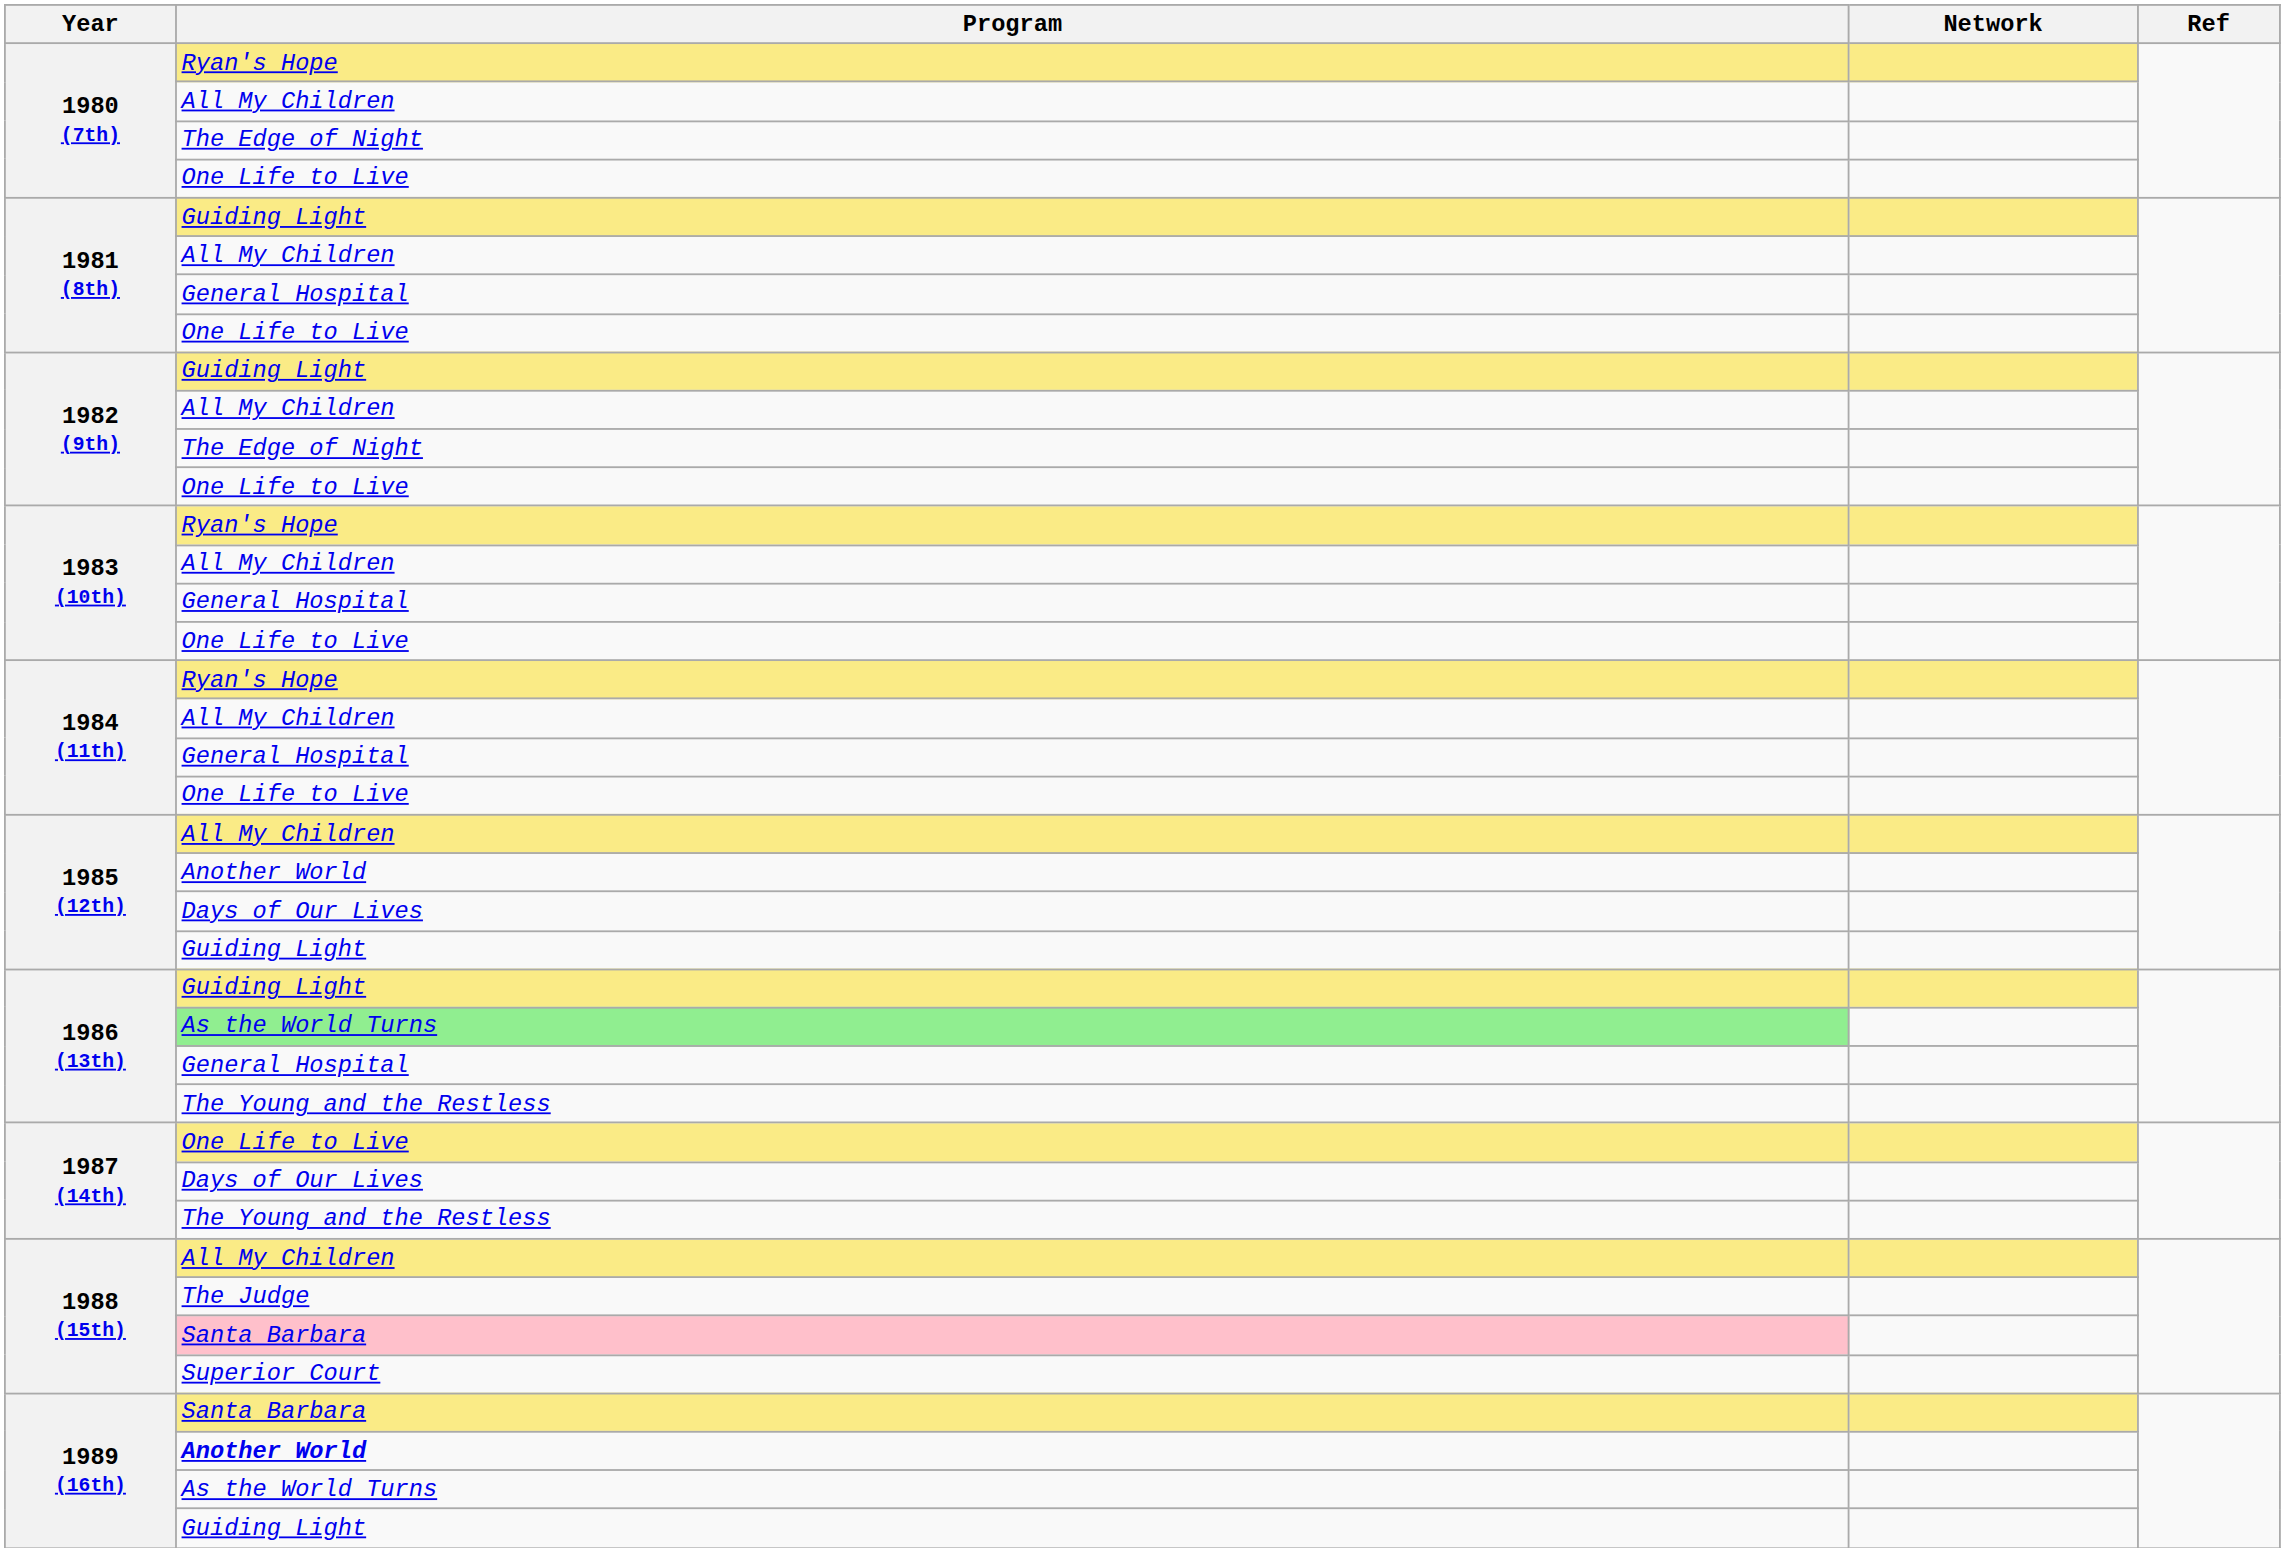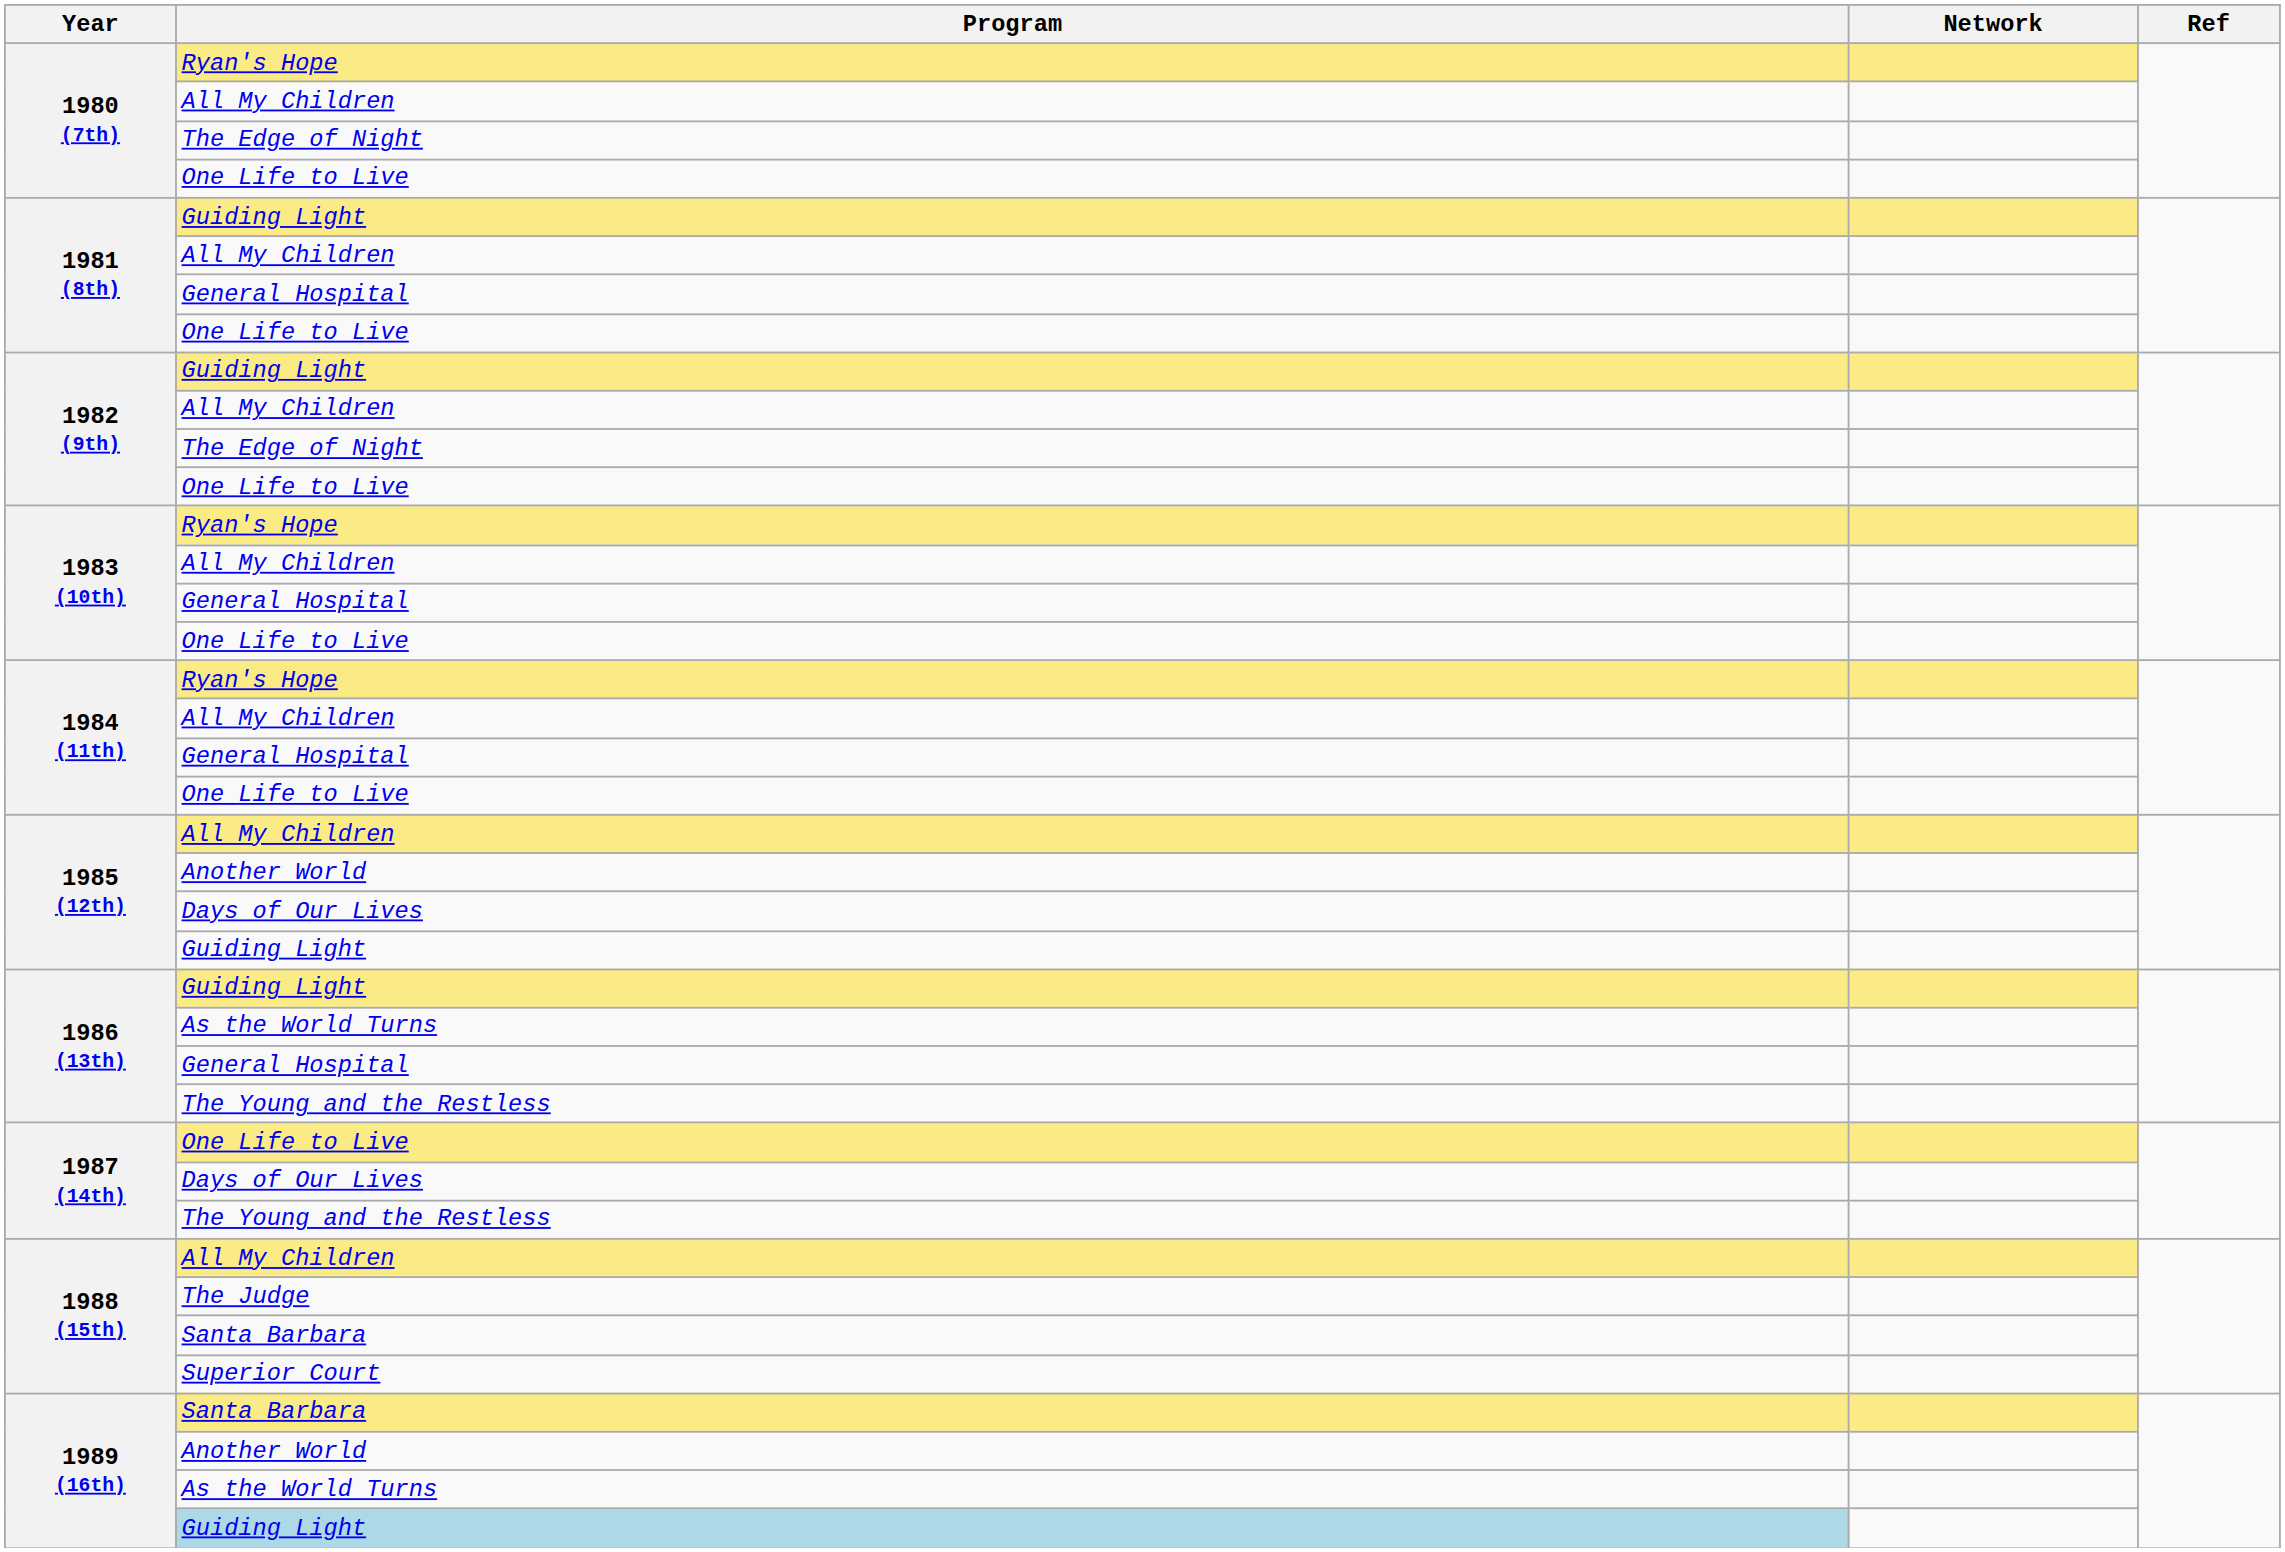 <table class="wikitable sortable">
 <tr style="background:#bebebe;">
 <th style="width:1%;" scope="col">Year</th>
 <th style="width:15%;" scope="col">Program</th>
 <th style="width:2%;" scope="col">Network</th>
 <th style="width:1%;" scope="col" class="unsortable">Ref</th>
 </tr>
 <tr>
 <th scope="row" rowspan=4 style="text-align:center">1980 <br><small><a href='#'>(7th)</a></small></th>
 <td style="background:#FAEB86"><em><a href='#'>Ryan's Hope</a></em></td>
 <td style="background:#FAEB86"></td>
 <td rowspan=4></td>
 </tr>
 <tr>
 <td><em><a href='#'>All My Children</a></em></td>
 <td></td>
 </tr>
 <tr>
 <td><em><a href='#'>The Edge of Night</a></em></td>
 <td></td>
 </tr>
 <tr>
 <td><em><a href='#'>One Life to Live</a></em></td>
 <td></td>
 </tr>
 <tr>
 <th scope="row" rowspan=4 style="text-align:center">1981 <br><small><a href='#'>(8th)</a></small></th>
 <td style="background:#FAEB86"><em><a href='#'>Guiding Light</a></em></td>
 <td style="background:#FAEB86"></td>
 <td rowspan=4></td>
 </tr>
 <tr>
 <td><em><a href='#'>All My Children</a></em></td>
 <td></td>
 </tr>
 <tr>
 <td><em><a href='#'>General Hospital</a></em></td>
 <td></td>
 </tr>
 <tr>
 <td><em><a href='#'>One Life to Live</a></em></td>
 <td></td>
 </tr>
 <tr>
 <th scope="row" rowspan=4 style="text-align:center">1982 <br><small><a href='#'>(9th)</a></small></th>
 <td style="background:#FAEB86"><em><a href='#'>Guiding Light</a></em></td>
 <td style="background:#FAEB86"></td>
 <td rowspan=4></td>
 </tr>
 <tr>
 <td><em><a href='#'>All My Children</a></em></td>
 <td></td>
 </tr>
 <tr>
 <td><em><a href='#'>The Edge of Night</a></em></td>
 <td></td>
 </tr>
 <tr>
 <td><em><a href='#'>One Life to Live</a></em></td>
 <td></td>
 </tr>
 <tr>
 <th scope="row" rowspan=4 style="text-align:center">1983 <br><small><a href='#'>(10th)</a></small></th>
 <td style="background:#FAEB86"><em><a href='#'>Ryan's Hope</a></em></td>
 <td style="background:#FAEB86"></td>
 <td rowspan=4 style="text-align:center;"></td>
 </tr>
 <tr>
 <td><em><a href='#'>All My Children</a></em></td>
 <td></td>
 </tr>
 <tr>
 <td><em><a href='#'>General Hospital</a></em></td>
 <td></td>
 </tr>
 <tr>
 <td><em><a href='#'>One Life to Live</a></em></td>
 <td></td>
 </tr>
 <tr>
 <th scope="row" rowspan=4 style="text-align:center">1984 <br><small><a href='#'>(11th)</a></small></th>
 <td style="background:#FAEB86"><em><a href='#'>Ryan's Hope</a></em></td>
 <td style="background:#FAEB86"></td>
 <td rowspan=4 style="text-align:center;"></td>
 </tr>
 <tr>
 <td><em><a href='#'>All My Children</a></em></td>
 <td></td>
 </tr>
 <tr>
 <td><em><a href='#'>General Hospital</a></em></td>
 <td></td>
 </tr>
 <tr>
 <td><em><a href='#'>One Life to Live</a></em></td>
 <td></td>
 </tr>
 <tr>
 <th scope="row" rowspan=4 style="text-align:center">1985 <br><small><a href='#'>(12th)</a></small></th>
 <td style="background:#FAEB86"><em><a href='#'>All My Children</a></em></td>
 <td style="background:#FAEB86"></td>
 <td rowspan=4 style="text-align:center;"></td>
 </tr>
 <tr>
 <td><em><a href='#'>Another World</a></em></td>
 <td></td>
 </tr>
 <tr>
 <td><em><a href='#'>Days of Our Lives</a></em></td>
 <td></td>
 </tr>
 <tr>
 <td><em><a href='#'>Guiding Light</a></em></td>
 <td></td>
 </tr>
 <tr>
 <th scope="row" rowspan=4 style="text-align:center">1986 <br><small><a href='#'>(13th)</a></small></th>
 <td style="background:#FAEB86"><em><a href='#'>Guiding Light</a></em></td>
 <td style="background:#FAEB86"></td>
 <td rowspan=4 style="text-align:center;"></td>
 </tr>
 <tr>
-<td style="background: lightgreen;"><em><a href='#'>As the World Turns</a></em></td>
+<td><em><a href='#'>As the World Turns</a></em></td>
 <td></td>
 </tr>
 <tr>
 <td><em><a href='#'>General Hospital</a></em></td>
 <td></td>
 </tr>
 <tr>
 <td><em><a href='#'>The Young and the Restless</a></em></td>
 <td></td>
 </tr>
 <tr>
 <th scope="row" rowspan=3 style="text-align:center">1987 <br><small><a href='#'>(14th)</a></small></th>
 <td style="background:#FAEB86"><em><a href='#'>One Life to Live</a></em></td>
 <td style="background:#FAEB86"></td>
 <td rowspan=3 style="text-align:center;"></td>
 </tr>
 <tr>
 <td><em><a href='#'>Days of Our Lives</a></em></td>
 <td></td>
 </tr>
 <tr>
 <td><em><a href='#'>The Young and the Restless</a></em></td>
 <td></td>
 </tr>
 <tr>
 <th scope="row" rowspan=4 style="text-align:center">1988 <br><small><a href='#'>(15th)</a></small></th>
 <td style="background:#FAEB86"><em><a href='#'>All My Children</a></em></td>
 <td style="background:#FAEB86"></td>
 <td rowspan=4></td>
 </tr>
 <tr>
 <td><em><a href='#'>The Judge</a></em></td>
 <td></td>
 </tr>
 <tr>
-<td style="background: pink;"><em><a href='#'>Santa Barbara</a></em></td>
+<td><em><a href='#'>Santa Barbara</a></em></td>
 <td></td>
 </tr>
 <tr>
 <td><em><a href='#'>Superior Court</a></em></td>
 <td></td>
 </tr>
 <tr>
 <th scope="row" rowspan=4 style="text-align:center">1989 <br><small><a href='#'>(16th)</a></small></th>
 <td style="background:#FAEB86"><em><a href='#'>Santa Barbara</a></em></td>
 <td style="background:#FAEB86"></td>
 <td rowspan=4></td>
 </tr>
 <tr>
-<td><strong><em><a href='#'>Another World</a></em></strong></td>
+<td><em><a href='#'>Another World</a></em></td>
 <td></td>
 </tr>
 <tr>
 <td><em><a href='#'>As the World Turns</a></em></td>
 <td></td>
 </tr>
 <tr>
-<td><em><a href='#'>Guiding Light</a></em></td>
+<td style="background: lightblue;"><em><a href='#'>Guiding Light</a></em></td>
 <td></td>
 </tr>
 </table>
